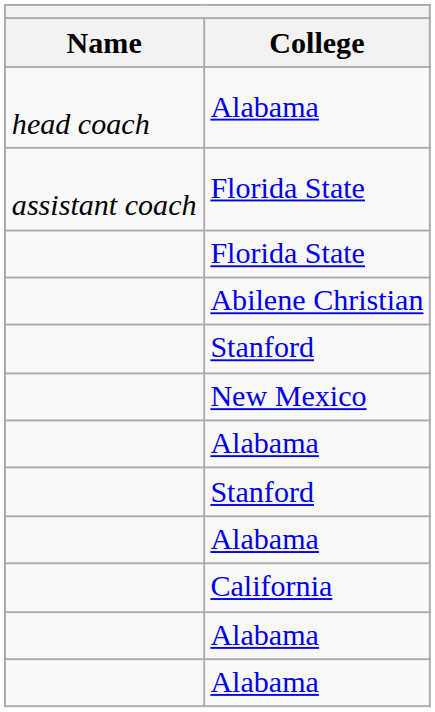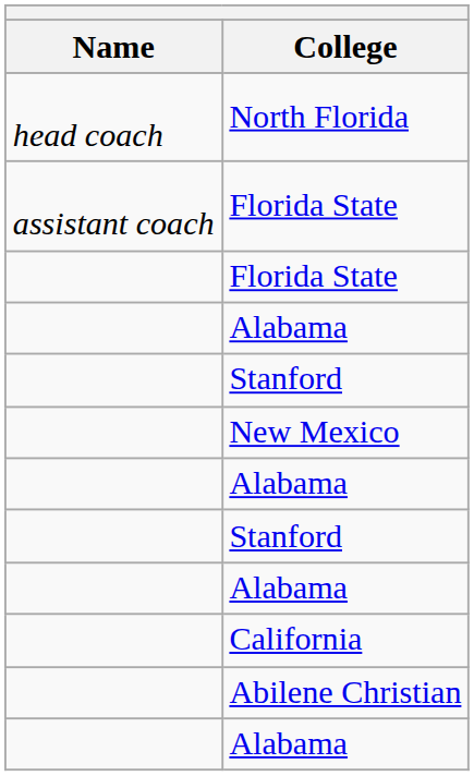 <table class="wikitable sortable">
 <tr>
 <th colspan=2></th>
 </tr>
 <tr>
 <th>Name</th>
 <th>College</th>
 </tr>
 <tr>
 <td><br><em>head coach</em></td>
-<td><a href='#'>Alabama</a></td>
+<td><a href='#'>North Florida</a></td>
 </tr>
 <tr>
 <td><br><em>assistant coach</em></td>
 <td><a href='#'>Florida State</a></td>
 </tr>
 <tr>
 <td></td>
 <td><a href='#'>Florida State</a></td>
 </tr>
 <tr>
 <td></td>
-<td><a href='#'>Abilene Christian</a></td>
+<td><a href='#'>Alabama</a></td>
 </tr>
 <tr>
 <td></td>
 <td><a href='#'>Stanford</a></td>
 </tr>
 <tr>
 <td></td>
 <td><a href='#'>New Mexico</a></td>
 </tr>
 <tr>
 <td></td>
 <td><a href='#'>Alabama</a></td>
 </tr>
 <tr>
 <td></td>
 <td><a href='#'>Stanford</a></td>
 </tr>
 <tr>
 <td></td>
 <td><a href='#'>Alabama</a></td>
 </tr>
 <tr>
 <td></td>
 <td><a href='#'>California</a></td>
 </tr>
 <tr>
 <td></td>
-<td><a href='#'>Alabama</a></td>
+<td><a href='#'>Abilene Christian</a></td>
 </tr>
 <tr>
 <td></td>
 <td><a href='#'>Alabama</a></td>
 </tr>
 </table>
